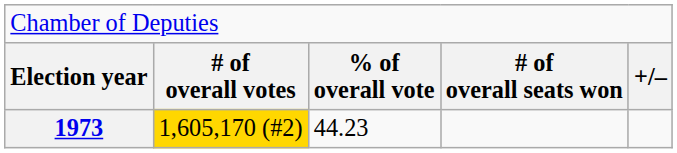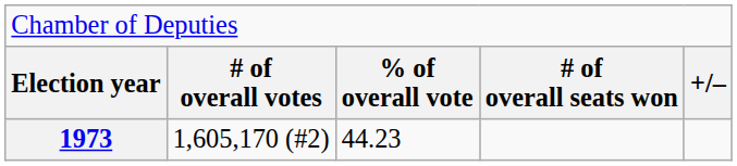 <table class=wikitable>
 <tr>
 <td colspan=6><a href='#'>Chamber of Deputies</a></td>
 </tr>
 <tr>
 <th>Election year</th>
 <th># of<br>overall votes</th>
 <th>% of<br>overall vote</th>
 <th># of<br>overall seats won</th>
 <th>+/–</th>
 </tr>
 <tr>
 <th><a href='#'>1973</a></th>
-<td style="background: gold;">1,605,170 (#2)</td>
+<td>1,605,170 (#2)</td>
 <td>44.23</td>
 <td></td>
 <td></td>
 </tr>
 </table>
